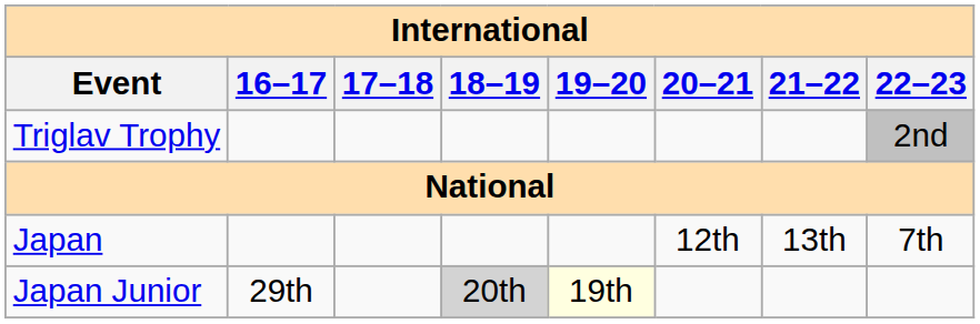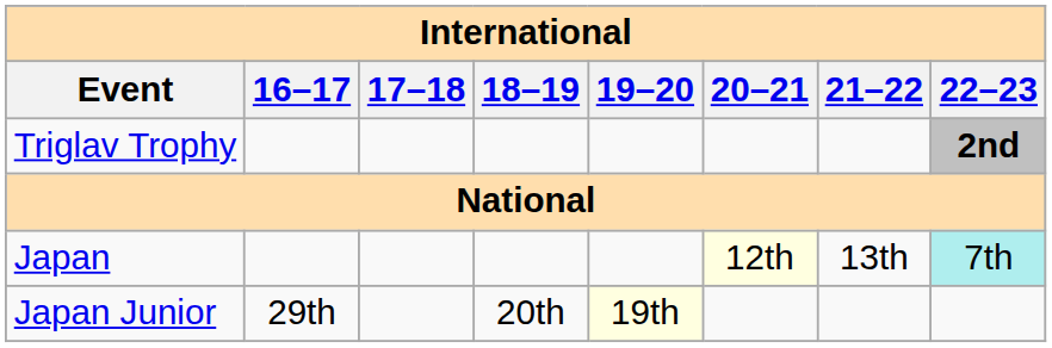 <table class="wikitable" style="text-align:center">
 <tr>
 <th colspan="8" style="background-color: #ffdead; " align="center">International</th>
 </tr>
 <tr>
 <th>Event</th>
 <th><a href='#'>16–17</a></th>
 <th><a href='#'>17–18</a></th>
 <th><a href='#'>18–19</a></th>
 <th><a href='#'>19–20</a></th>
 <th><a href='#'>20–21</a></th>
 <th><a href='#'>21–22</a></th>
 <th><a href='#'>22–23</a></th>
 </tr>
 <tr>
 <td align=left><a href='#'>Triglav Trophy</a></td>
 <td></td>
 <td></td>
 <td></td>
 <td></td>
 <td></td>
 <td></td>
-<td bgcolor=silver>2nd</td>
+<td bgcolor=silver><strong>2nd</strong></td>
 </tr>
 <tr>
 <th colspan="12" style="background-color: #ffdead; " align="center">National</th>
 </tr>
 <tr>
 <td align=left><a href='#'>Japan</a></td>
 <td></td>
 <td></td>
 <td></td>
 <td></td>
-<td>12th</td>
+<td style="background: lightyellow;">12th</td>
 <td>13th</td>
-<td>7th</td>
+<td style="background: paleturquoise;">7th</td>
 </tr>
 <tr>
 <td align=left><a href='#'>Japan Junior</a></td>
 <td>29th</td>
 <td></td>
-<td style="background: lightgrey;">20th</td>
+<td>20th</td>
 <td style="background: lightyellow;">19th</td>
 <td></td>
 <td></td>
 <td></td>
 </tr>
 </table>
